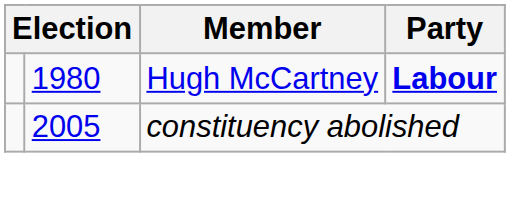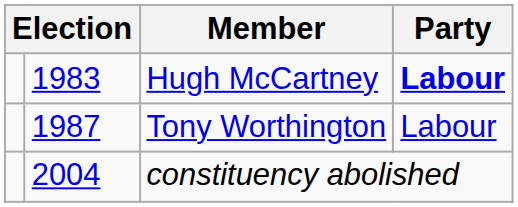 <table class="wikitable">
 <tr>
 <th colspan="2">Election</th>
 <th>Member</th>
 <th>Party</th>
 </tr>
 <tr>
 <td style="color:inherit;background-color: "></td>
-<td><a href='#'>1980</a></td>
+<td><a href='#'>1983</a></td>
 <td><a href='#'>Hugh McCartney</a></td>
 <td><strong><a href='#'>Labour</a></strong></td>
 </tr>
 <tr>
+<td style="color:inherit;background-color: "></td>
+<td><a href='#'>1987</a></td>
+<td><a href='#'>Tony Worthington</a></td>
+<td><a href='#'>Labour</a></td>
+</tr>
+<tr>
 <td></td>
-<td><a href='#'>2005</a></td>
+<td><a href='#'>2004</a></td>
 <td colspan="2"><em>constituency abolished</em></td>
 </tr>
 </table>
